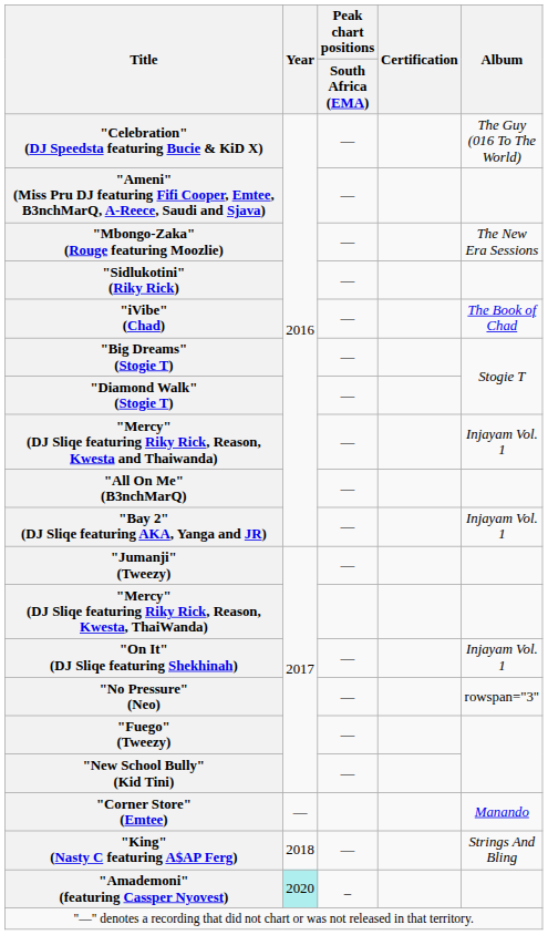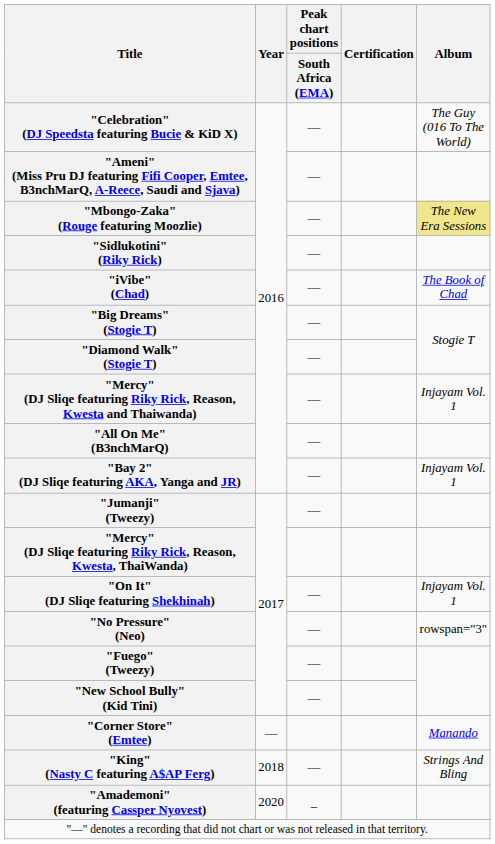 <table class="wikitable plainrowheaders" style="text-align:center;">
 <tr>
 <th scope="col" rowspan="2" style="width:20em;">Title</th>
 <th scope="col" rowspan="2">Year</th>
 <th scope="col" colspan="1">Peak chart positions</th>
 <th scope="col" rowspan="2">Certification</th>
 <th scope="col" rowspan="2">Album</th>
 </tr>
 <tr>
 <th scope="col" style="width:3em;">South Africa (<a href='#'>EMA</a>)</th>
 </tr>
 <tr>
 <th scope="row">"Celebration"<br>(<a href='#'>DJ Speedsta</a> featuring <a href='#'>Bucie</a> & KiD X)</th>
 <td rowspan="10">2016</td>
 <td>—</td>
 <td></td>
 <td><em>The Guy (016 To The World)</em></td>
 </tr>
 <tr>
 <th scope="row">"Ameni"<br>(Miss Pru DJ featuring <a href='#'>Fifi Cooper</a>, <a href='#'>Emtee</a>, B3nchMarQ, <a href='#'>A-Reece</a>, Saudi and <a href='#'>Sjava</a>)</th>
 <td>—</td>
 <td></td>
 <td></td>
 </tr>
 <tr>
 <th scope="row">"Mbongo-Zaka"<br>(<a href='#'>Rouge</a> featuring Moozlie)</th>
 <td>—</td>
 <td></td>
-<td><em>The New Era Sessions</em></td>
+<td style="background: khaki;"><em>The New Era Sessions</em></td>
 </tr>
 <tr>
 <th scope="row">"Sidlukotini"<br>(<a href='#'>Riky Rick</a>)</th>
 <td>—</td>
 <td></td>
 <td></td>
 </tr>
 <tr>
 <th scope="row">"iVibe"<br>(<a href='#'>Chad</a>)</th>
 <td>—</td>
 <td></td>
 <td><em><a href='#'>The Book of Chad</a></em></td>
 </tr>
 <tr>
 <th scope="row">"Big Dreams"<br>(<a href='#'>Stogie T</a>)</th>
 <td>—</td>
 <td></td>
 <td rowspan="2"><em>Stogie T</em></td>
 </tr>
 <tr>
 <th scope="row">"Diamond Walk"<br>(<a href='#'>Stogie T</a>)</th>
 <td>—</td>
 <td></td>
 </tr>
 <tr>
 <th scope="row">"Mercy"<br>(DJ Sliqe featuring <a href='#'>Riky Rick</a>, Reason, <a href='#'>Kwesta</a> and Thaiwanda)</th>
 <td>—</td>
 <td></td>
 <td><em>Injayam Vol. 1</em></td>
 </tr>
 <tr>
 <th scope="row">"All On Me"<br>(B3nchMarQ)</th>
 <td>—</td>
 <td></td>
 <td></td>
 </tr>
 <tr>
 <th scope="row">"Bay 2"<br>(DJ Sliqe featuring <a href='#'>AKA</a>, Yanga and <a href='#'>JR</a>)</th>
 <td>—</td>
 <td></td>
 <td><em>Injayam Vol. 1</em></td>
 </tr>
 <tr>
 <th scope="row">"Jumanji"<br>(Tweezy)</th>
 <td rowspan="6">2017</td>
 <td>—</td>
 <td></td>
 <td></td>
 </tr>
 <tr>
 <th scope="row">"Mercy"<br>(DJ Sliqe featuring <a href='#'>Riky Rick</a>, Reason, <a href='#'>Kwesta</a>, ThaiWanda)</th>
 <td></td>
 <td></td>
 <td></td>
 </tr>
 <tr>
 <th scope="row">"On It"<br>(DJ Sliqe featuring <a href='#'>Shekhinah</a>)</th>
 <td>—</td>
 <td></td>
 <td><em>Injayam Vol. 1</em></td>
 </tr>
 <tr>
 <th scope="row">"No Pressure"<br>(Neo)</th>
 <td>—</td>
 <td></td>
 <td>rowspan="3" </td>
 </tr>
 <tr>
 <th scope="row">"Fuego"<br>(Tweezy)</th>
 <td>—</td>
 <td></td>
 </tr>
 <tr>
 <th scope="row">"New School Bully"<br>(Kid Tini)</th>
 <td>—</td>
 <td></td>
 </tr>
 <tr>
 <th scope="row">"Corner Store"<br>(<a href='#'>Emtee</a>)</th>
 <td>—</td>
 <td></td>
 <td></td>
 <td><em><a href='#'>Manando</a></em></td>
 </tr>
 <tr>
 <th scope="row">"King"<br> (<a href='#'>Nasty C</a> featuring <a href='#'>A$AP Ferg</a>)</th>
 <td>2018</td>
 <td>—</td>
 <td></td>
 <td><em>Strings And Bling</em></td>
 </tr>
 <tr>
 <th scope="row">"Amademoni"<br> (featuring <a href='#'>Cassper Nyovest</a>)</th>
-<td style="background: paleturquoise;">2020</td>
+<td>2020</td>
 <td>_</td>
 <td></td>
 <td></td>
 </tr>
 <tr>
 <td colspan="14" style="font-size:90%">"—" denotes a recording that did not chart or was not released in that territory.</td>
 </tr>
 </table>
